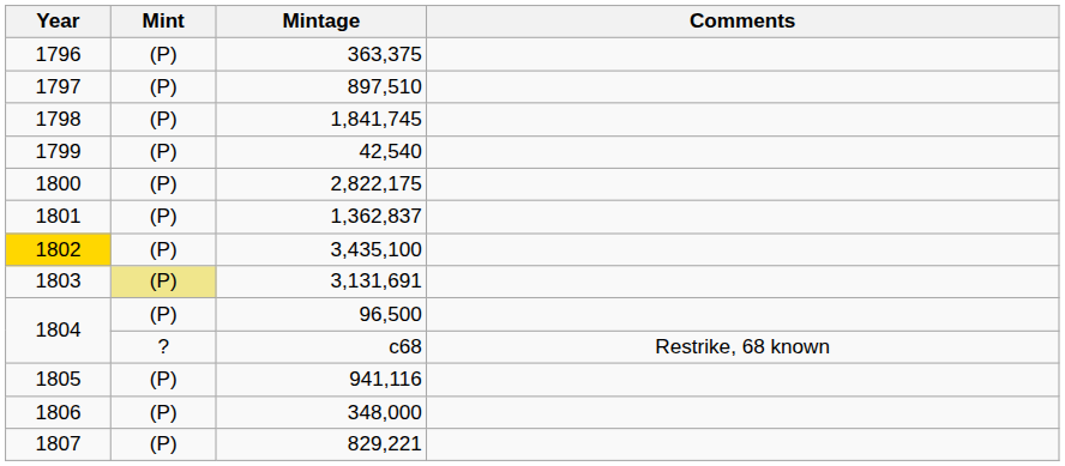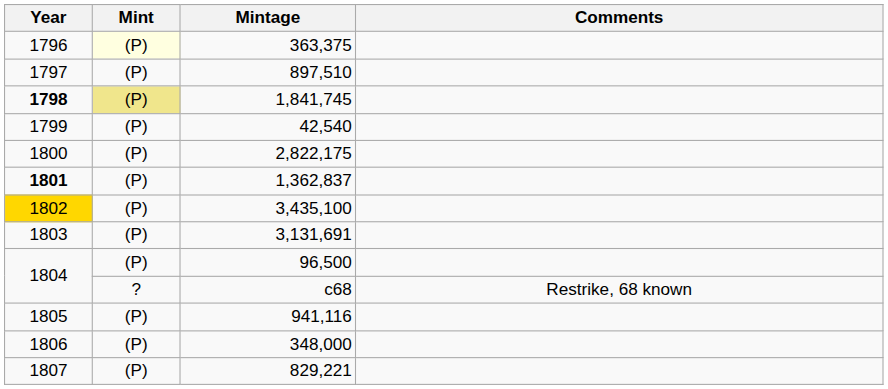 <table class="wikitable sortable" style="min-width:65%; text-align:center;">
 <tr>
 <th width="10%">Year</th>
 <th width="10%">Mint</th>
 <th width="20%">Mintage</th>
 <th width="60%">Comments</th>
 </tr>
 <tr>
 <td>1796</td>
-<td>(P)</td>
+<td style="background: lightyellow;">(P)</td>
 <td align="right">363,375</td>
 <td></td>
 </tr>
 <tr>
 <td>1797</td>
 <td>(P)</td>
 <td align="right">897,510</td>
 <td></td>
 </tr>
 <tr>
-<td>1798</td>
-<td>(P)</td>
+<td><strong>1798</strong></td>
+<td style="background: khaki;">(P)</td>
 <td align="right">1,841,745</td>
 <td></td>
 </tr>
 <tr>
 <td>1799</td>
 <td>(P)</td>
 <td align="right">42,540</td>
 <td></td>
 </tr>
 <tr>
 <td>1800</td>
 <td>(P)</td>
 <td align="right">2,822,175</td>
 <td></td>
 </tr>
 <tr>
-<td>1801</td>
+<td><strong>1801</strong></td>
 <td>(P)</td>
 <td align="right">1,362,837</td>
 <td></td>
 </tr>
 <tr>
 <td style="background: gold;">1802</td>
 <td>(P)</td>
 <td align="right">3,435,100</td>
 <td></td>
 </tr>
 <tr>
 <td>1803</td>
-<td style="background: khaki;">(P)</td>
+<td>(P)</td>
 <td align="right">3,131,691</td>
 <td></td>
 </tr>
 <tr>
 <td rowspan="2">1804</td>
 <td>(P)</td>
 <td align="right">96,500</td>
 <td></td>
 </tr>
 <tr>
 <td>?</td>
 <td align="right">c68</td>
 <td>Restrike, 68 known</td>
 </tr>
 <tr>
 <td>1805</td>
 <td>(P)</td>
 <td align="right">941,116</td>
 <td></td>
 </tr>
 <tr>
 <td>1806</td>
 <td>(P)</td>
 <td align="right">348,000</td>
 <td></td>
 </tr>
 <tr>
 <td>1807</td>
 <td>(P)</td>
 <td align="right">829,221</td>
 <td></td>
 </tr>
 </table>
